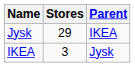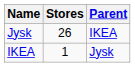 <table class="wikitable sortable">
 <tr>
 <th>Name</th>
 <th>Stores</th>
 <th><a href='#'>Parent</a></th>
 </tr>
 <tr>
 <td><a href='#'>Jysk</a></td>
-<td style="text-align:center;">29</td>
+<td style="text-align:center;">26</td>
 <td><a href='#'>IKEA</a></td>
 </tr>
 <tr>
 <td><a href='#'>IKEA</a></td>
-<td style="text-align:center;">3</td>
+<td style="text-align:center;">1</td>
 <td><a href='#'>Jysk</a></td>
 </tr>
 </table>
